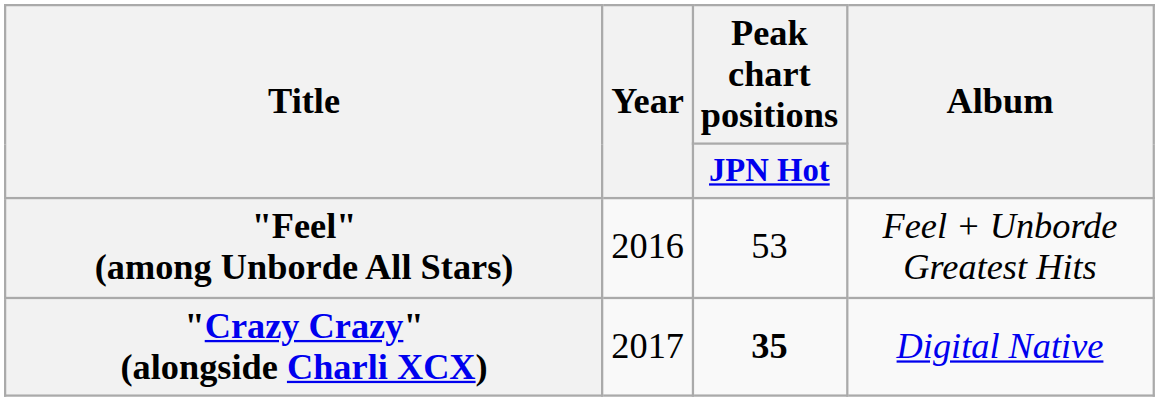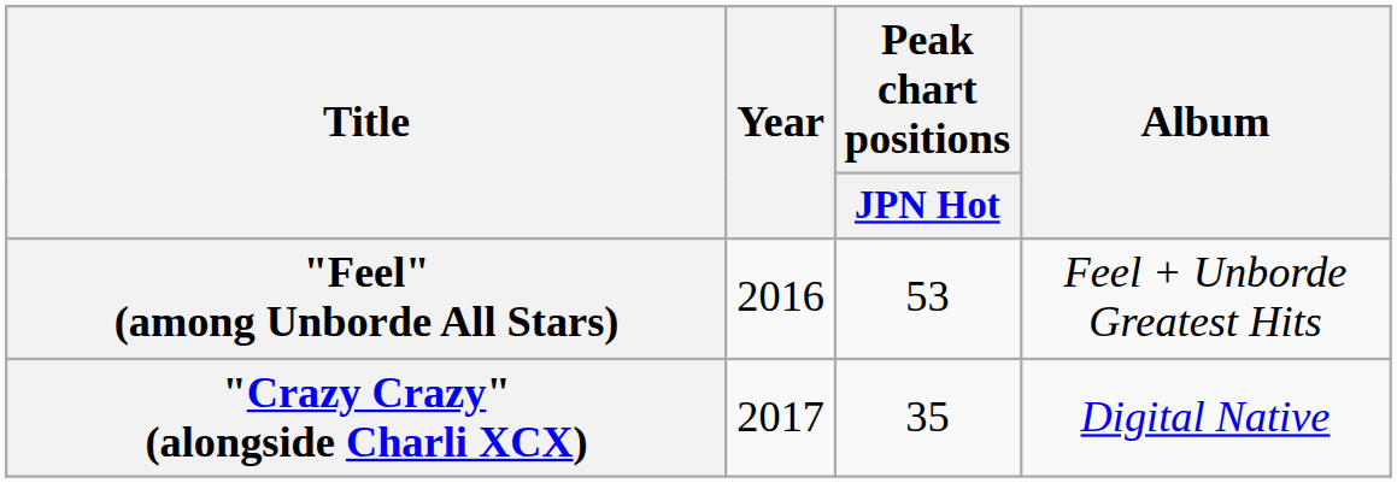 <table class="wikitable plainrowheaders" style="text-align:center;">
 <tr>
 <th scope="col" rowspan="2" style="width:16em;">Title</th>
 <th scope="col" rowspan="2" style="width:2em;">Year</th>
 <th scope="col" colspan="1">Peak chart positions</th>
 <th scope="col" rowspan="2" style="width:8em;">Album</th>
 </tr>
 <tr>
 <th scope="col" style="width:3em;font-size:90%;"><a href='#'>JPN Hot</a><br></th>
 </tr>
 <tr>
 <th scope="row">"Feel"<br><span>(among Unborde All Stars)</span></th>
 <td>2016</td>
 <td>53</td>
 <td><em>Feel + Unborde Greatest Hits</em></td>
 </tr>
 <tr>
 <th scope="row">"<a href='#'>Crazy Crazy</a>"<br><span>(alongside <a href='#'>Charli XCX</a>)</span></th>
 <td>2017</td>
-<td><strong>35</strong></td>
+<td>35</td>
 <td><em><a href='#'>Digital Native</a></em></td>
 </tr>
 </table>
